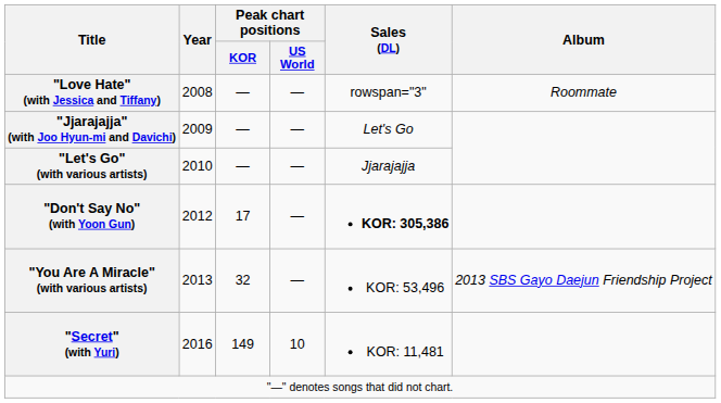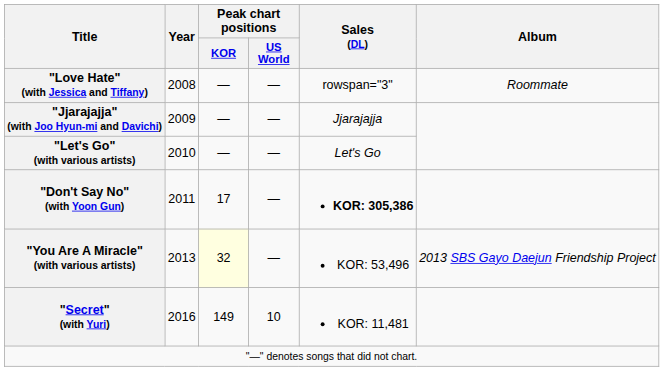 <table class="wikitable plainrowheaders" style="text-align:center;">
 <tr>
 <th rowspan=2>Title</th>
 <th rowspan=2>Year</th>
 <th colspan="2">Peak chart positions</th>
 <th rowspan=2>Sales<br><small>(<a href='#'>DL</a>)</small></th>
 <th rowspan=2>Album</th>
 </tr>
 <tr>
 <th style="font-size:90%;width:4em;"><a href='#'>KOR</a><br></th>
 <th style="font-size:90%;width:4em;"><a href='#'>US<br>World</a><br></th>
 </tr>
 <tr>
 <th scope=row>"Love Hate"<br><small>(with <a href='#'>Jessica</a> and <a href='#'>Tiffany</a>)</small></th>
 <td>2008</td>
 <td>—</td>
 <td>—</td>
 <td>rowspan="3" </td>
 <td><em>Roommate</em></td>
 </tr>
 <tr>
 <th scope=row>"Jjarajajja"<br><small>(with <a href='#'>Joo Hyun-mi</a> and <a href='#'>Davichi</a>)</small></th>
 <td>2009</td>
 <td>—</td>
 <td>—</td>
-<td><em>Let's Go</em></td>
+<td><em>Jjarajajja</em></td>
 </tr>
 <tr>
 <th scope=row>"Let's Go"<br><small>(with various artists)</small></th>
 <td>2010</td>
 <td>—</td>
 <td>—</td>
-<td><em>Jjarajajja</em></td>
+<td><em>Let's Go</em></td>
 </tr>
 <tr>
 <th scope=row>"Don't Say No"<br><small>(with <a href='#'>Yoon Gun</a>)</small></th>
-<td>2012</td>
+<td>2011</td>
 <td>17</td>
 <td>—</td>
 <td><strong><br><ul><li>KOR: 305,386</li></ul></strong></td>
 <td></td>
 </tr>
 <tr>
 <th scope=row>"You Are A Miracle"<br><small>(with various artists)</small></th>
 <td>2013</td>
-<td>32</td>
+<td style="background: lightyellow;">32</td>
 <td>—</td>
 <td><br><ul><li>KOR: 53,496</li></ul></td>
 <td><em>2013 <a href='#'>SBS Gayo Daejun</a> Friendship Project</em></td>
 </tr>
 <tr>
 <th scope=row>"<a href='#'>Secret</a>"<br><small>(with <a href='#'>Yuri</a>)</small></th>
 <td>2016</td>
 <td>149</td>
 <td>10</td>
 <td><br><ul><li>KOR: 11,481</li></ul></td>
 <td></td>
 </tr>
 <tr>
 <td colspan=6><small>"—" denotes songs that did not chart.</small></td>
 </tr>
 </table>
